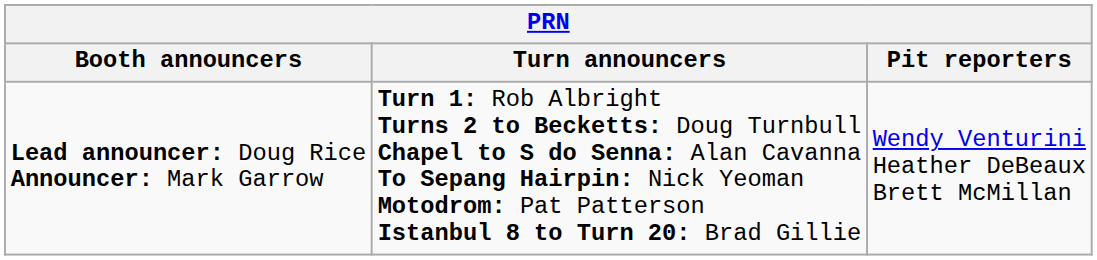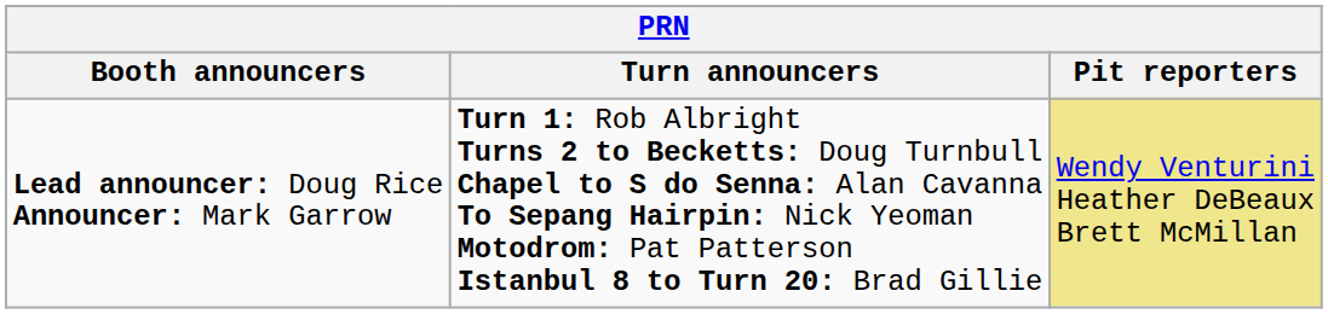 <table class="wikitable" style="font-size: 95%">
 <tr>
 <th colspan="3"><a href='#'>PRN</a></th>
 </tr>
 <tr>
 <th>Booth announcers</th>
 <th>Turn announcers</th>
 <th>Pit reporters</th>
 </tr>
 <tr>
 <td><strong>Lead announcer:</strong> Doug Rice<br><strong>Announcer:</strong> Mark Garrow</td>
 <td><strong>Turn 1:</strong> Rob Albright<br><strong>Turns 2 to Becketts:</strong> Doug Turnbull<br><strong>Chapel to S do Senna:</strong> Alan Cavanna <br><strong>To Sepang Hairpin:</strong> Nick Yeoman<br><strong>Motodrom:</strong> Pat Patterson<br><strong>Istanbul 8 to Turn 20:</strong> Brad Gillie</td>
-<td><a href='#'>Wendy Venturini</a><br>Heather DeBeaux<br>Brett McMillan</td>
+<td style="background: khaki;"><a href='#'>Wendy Venturini</a><br>Heather DeBeaux<br>Brett McMillan</td>
 </tr>
 </table>
